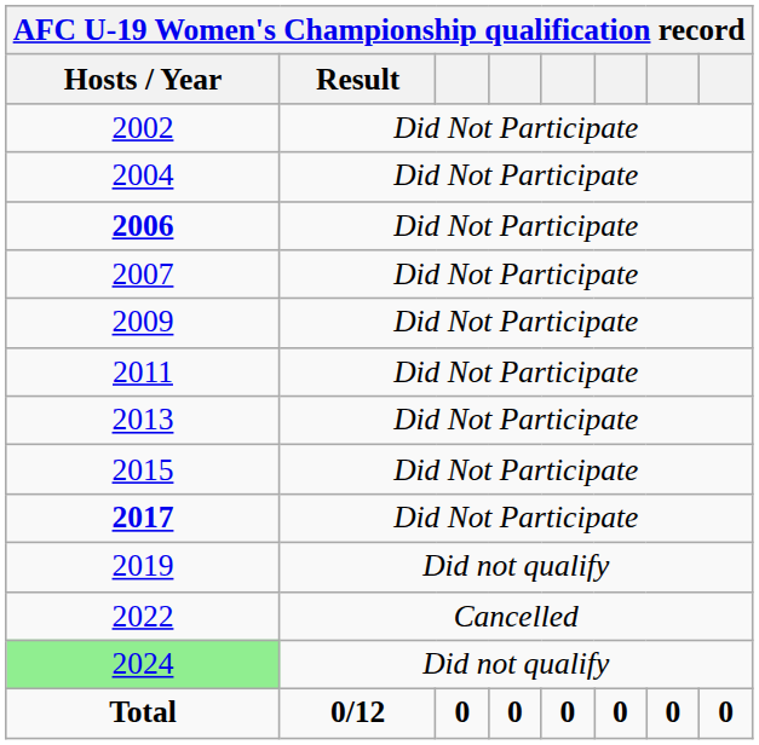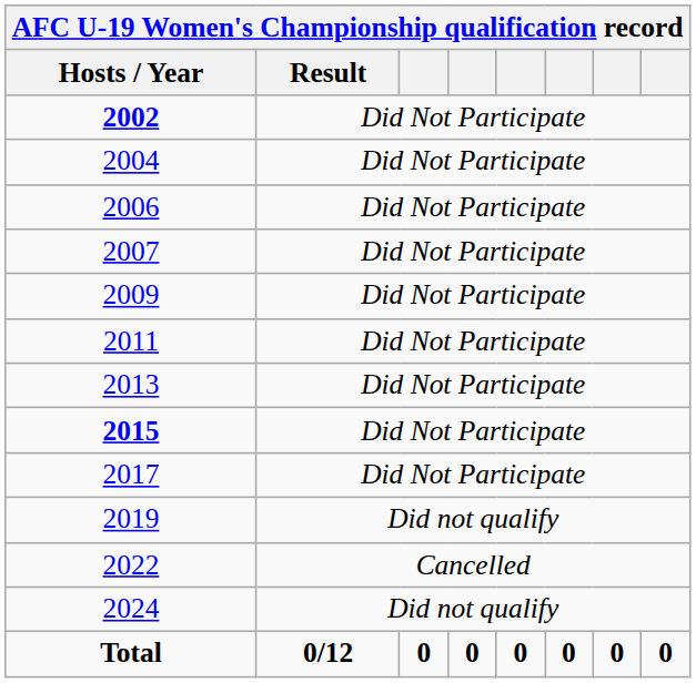 <table class="wikitable" style="text-align: center;">
 <tr>
 <th colspan=9><a href='#'>AFC U-19 Women's Championship qualification</a> record</th>
 </tr>
 <tr>
 <th>Hosts / Year</th>
 <th>Result</th>
 <th width=20></th>
 <th width=20></th>
 <th width=20></th>
 <th width=20></th>
 <th width=20></th>
 <th width=20></th>
 </tr>
 <tr>
-<td> <a href='#'>2002</a></td>
+<td><strong> <a href='#'>2002</a></strong></td>
 <td colspan=10><em>Did Not Participate</em></td>
 </tr>
 <tr>
 <td> <a href='#'>2004</a></td>
 <td colspan=10><em>Did Not Participate</em></td>
 </tr>
 <tr>
-<td><strong><a href='#'>2006</a></strong></td>
+<td><a href='#'>2006</a></td>
 <td colspan=10><em>Did Not Participate</em></td>
 </tr>
 <tr>
 <td> <a href='#'>2007</a></td>
 <td colspan=10><em>Did Not Participate</em></td>
 </tr>
 <tr>
 <td> <a href='#'>2009</a></td>
 <td colspan=10><em>Did Not Participate</em></td>
 </tr>
 <tr>
 <td><a href='#'>2011</a></td>
 <td colspan=10><em>Did Not Participate</em></td>
 </tr>
 <tr>
 <td><a href='#'>2013</a></td>
 <td colspan=10><em>Did Not Participate</em></td>
 </tr>
 <tr>
-<td> <a href='#'>2015</a></td>
+<td><strong> <a href='#'>2015</a></strong></td>
 <td colspan=10><em>Did Not Participate</em></td>
 </tr>
 <tr>
-<td><strong> <a href='#'>2017</a></strong></td>
+<td> <a href='#'>2017</a></td>
 <td colspan=10><em>Did Not Participate</em></td>
 </tr>
 <tr>
 <td><a href='#'>2019</a></td>
 <td colspan=10><em>Did not qualify</em></td>
 </tr>
 <tr>
 <td> <a href='#'>2022</a></td>
 <td colspan=10><em>Cancelled</em></td>
 </tr>
 <tr>
-<td style="background: lightgreen;"> <a href='#'>2024</a></td>
+<td> <a href='#'>2024</a></td>
 <td colspan=10><em>Did not qualify</em></td>
 </tr>
 <tr>
 <td><strong>Total</strong></td>
 <td><strong>0/12</strong></td>
 <td><strong>0</strong></td>
 <td><strong>0</strong></td>
 <td><strong>0</strong></td>
 <td><strong>0</strong></td>
 <td><strong>0</strong></td>
 <td><strong>0</strong></td>
 </tr>
 </table>
